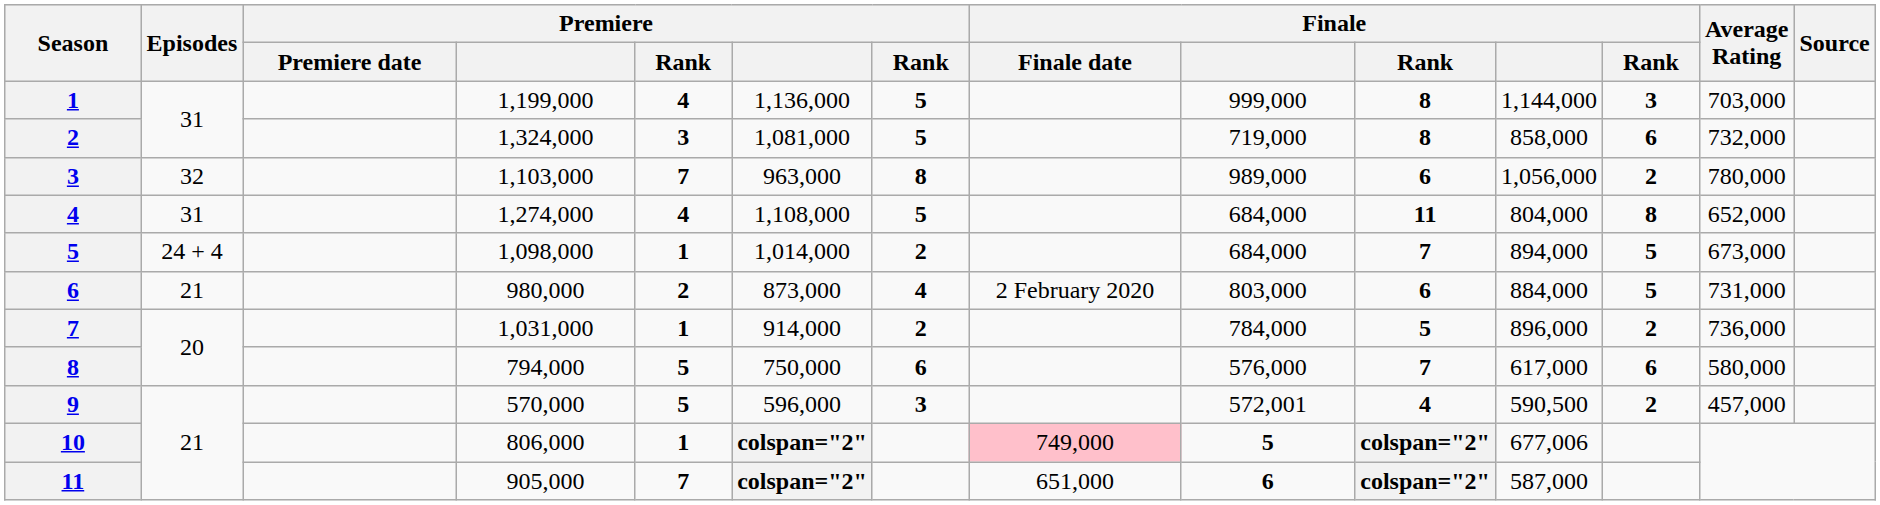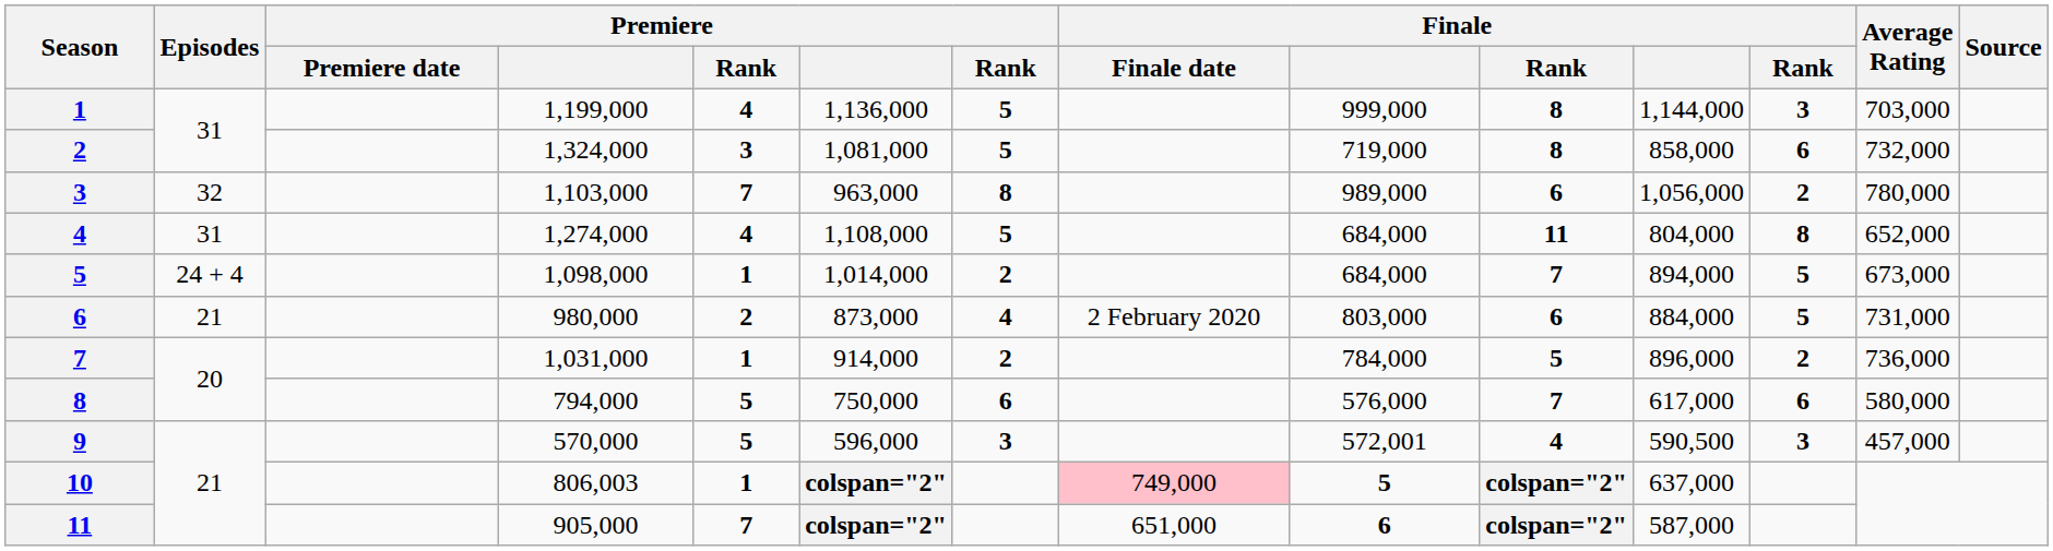 <table class="wikitable plainrowheaders" style="text-align:center;">
 <tr style="background:#DCDCDC;">
 <th rowspan="2" scope="col" style="width:6em;">Season</th>
 <th rowspan="2" scope="col">Episodes</th>
 <th colspan="5" scope="col" style="width:10em;">Premiere</th>
 <th colspan="5" scope="col" style="width:10em;">Finale</th>
 <th rowspan="2">Average Rating</th>
 <th rowspan="2" style="width:4%;">Source</th>
 </tr>
 <tr>
 <th scope="col" style="width:10em;">Premiere date</th>
 <th scope="col" style="width:8em;"><strong></strong><br><em><small></small></em></th>
 <th scope="col" style="width:4em;">Rank</th>
 <th scope="col"><strong></strong><br><em><small></small></em></th>
 <th scope="col" style="width:4em;">Rank</th>
 <th scope="col" style="width:10em;">Finale date</th>
 <th scope="col" style="width:8em;"><strong></strong><br><em><small></small></em></th>
 <th scope="col" style="width:4em;">Rank</th>
 <th scope="col"><strong></strong><br><em><small></small></em></th>
 <th scope="col" style="width:4em;">Rank</th>
 </tr>
 <tr>
 <th scope="row" style="text-align:center;"><a href='#'>1</a></th>
 <td rowspan="2">31</td>
 <td></td>
 <td>1,199,000</td>
 <td><strong>4</strong></td>
 <td>1,136,000</td>
 <td><strong>5</strong></td>
 <td></td>
 <td>999,000</td>
 <td><strong>8</strong></td>
 <td>1,144,000</td>
 <td><strong>3</strong></td>
 <td>703,000</td>
 <td></td>
 </tr>
 <tr>
 <th scope="row" style="text-align:center;"><a href='#'>2</a></th>
 <td></td>
 <td>1,324,000</td>
 <td><strong>3</strong></td>
 <td>1,081,000</td>
 <td><strong>5</strong></td>
 <td></td>
 <td>719,000</td>
 <td><strong>8</strong></td>
 <td>858,000</td>
 <td><strong>6</strong></td>
 <td>732,000</td>
 <td></td>
 </tr>
 <tr>
 <th scope="row" style="text-align:center;"><a href='#'>3</a></th>
 <td>32</td>
 <td></td>
 <td>1,103,000</td>
 <td><strong>7</strong></td>
 <td>963,000</td>
 <td><strong>8</strong></td>
 <td></td>
 <td>989,000</td>
 <td><strong>6</strong></td>
 <td>1,056,000</td>
 <td><strong>2</strong></td>
 <td>780,000</td>
 <td></td>
 </tr>
 <tr>
 <th scope="row" style="text-align:center;"><a href='#'>4</a></th>
 <td>31</td>
 <td></td>
 <td>1,274,000</td>
 <td><strong>4</strong></td>
 <td>1,108,000</td>
 <td><strong>5</strong></td>
 <td></td>
 <td>684,000</td>
 <td><strong>11</strong></td>
 <td>804,000</td>
 <td><strong>8</strong></td>
 <td>652,000</td>
 <td></td>
 </tr>
 <tr>
 <th scope="row" style="text-align:center;"><a href='#'>5</a></th>
 <td>24 + 4</td>
 <td></td>
 <td>1,098,000</td>
 <td><strong>1</strong></td>
 <td>1,014,000</td>
 <td><strong>2</strong></td>
 <td></td>
 <td>684,000</td>
 <td><strong>7</strong></td>
 <td>894,000</td>
 <td><strong>5</strong></td>
 <td>673,000</td>
 <td></td>
 </tr>
 <tr>
 <th scope="row" style="text-align:center;"><a href='#'>6</a></th>
 <td>21</td>
 <td></td>
 <td>980,000</td>
 <td><strong>2</strong></td>
 <td>873,000</td>
 <td><strong>4</strong></td>
 <td>2 February 2020</td>
 <td>803,000</td>
 <td><strong>6</strong></td>
 <td>884,000</td>
 <td><strong>5</strong></td>
 <td>731,000</td>
 <td></td>
 </tr>
 <tr>
 <th scope="row" style="text-align:center;"><a href='#'>7</a></th>
 <td rowspan="2">20</td>
 <td></td>
 <td>1,031,000</td>
 <td><strong>1</strong></td>
 <td>914,000</td>
 <td><strong>2</strong></td>
 <td></td>
 <td>784,000</td>
 <td><strong>5</strong></td>
 <td>896,000</td>
 <td><strong>2</strong></td>
 <td>736,000</td>
 <td></td>
 </tr>
 <tr>
 <th scope="row" style="text-align:center;"><a href='#'>8</a></th>
 <td></td>
 <td>794,000</td>
 <td><strong>5</strong></td>
 <td>750,000</td>
 <td><strong>6</strong></td>
 <td></td>
 <td>576,000</td>
 <td><strong>7</strong></td>
 <td>617,000</td>
 <td><strong>6</strong></td>
 <td>580,000</td>
 <td></td>
 </tr>
 <tr>
 <th scope="row" style="text-align:center;"><a href='#'>9</a></th>
 <td rowspan="3">21</td>
 <td></td>
 <td>570,000</td>
 <td><strong>5</strong></td>
 <td>596,000</td>
 <td><strong>3</strong></td>
 <td></td>
 <td>572,001</td>
 <td><strong>4</strong></td>
 <td>590,500</td>
-<td><strong>2</strong></td>
+<td><strong>3</strong></td>
 <td>457,000</td>
 <td></td>
 </tr>
 <tr>
 <th scope="row" style="text-align:center;"><a href='#'>10</a></th>
 <td></td>
-<td>806,000</td>
+<td>806,003</td>
 <td><strong>1</strong></td>
 <th>colspan="2" </th>
 <td></td>
 <td style="background: pink;">749,000</td>
 <td><strong>5</strong></td>
 <th>colspan="2" </th>
-<td>677,006</td>
+<td>637,000</td>
 <td></td>
 </tr>
 <tr>
 <th scope="row" style="text-align:center;"><a href='#'>11</a></th>
 <td></td>
 <td>905,000</td>
 <td><strong>7</strong></td>
 <th>colspan="2" </th>
 <td></td>
 <td>651,000</td>
 <td><strong>6</strong></td>
 <th>colspan="2" </th>
 <td>587,000</td>
 <td></td>
 </tr>
 </table>
